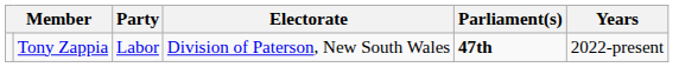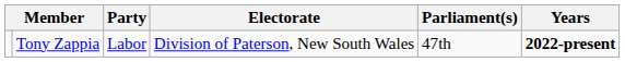 <table class="wikitable">
 <tr>
 <th colspan="2">Member</th>
 <th>Party</th>
 <th>Electorate</th>
 <th>Parliament(s)</th>
 <th>Years</th>
 </tr>
 <tr>
 <td></td>
 <td><a href='#'>Tony Zappia</a></td>
 <td><a href='#'>Labor</a></td>
 <td><a href='#'>Division of Paterson</a>, New South Wales</td>
-<td><strong>47th</strong></td>
-<td>2022-present</td>
+<td>47th</td>
+<td><strong>2022-present</strong></td>
 </tr>
 </table>
